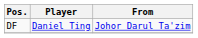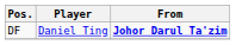 <table class="wikitable">
 <tr>
 <th>Pos.</th>
 <th>Player</th>
 <th>From</th>
 </tr>
 <tr>
 <td>DF</td>
 <td> <a href='#'>Daniel Ting</a></td>
-<td> <a href='#'>Johor Darul Ta'zim</a></td>
+<td><strong> <a href='#'>Johor Darul Ta'zim</a></strong></td>
 </tr>
 <tr>
 </tr>
 </table>
